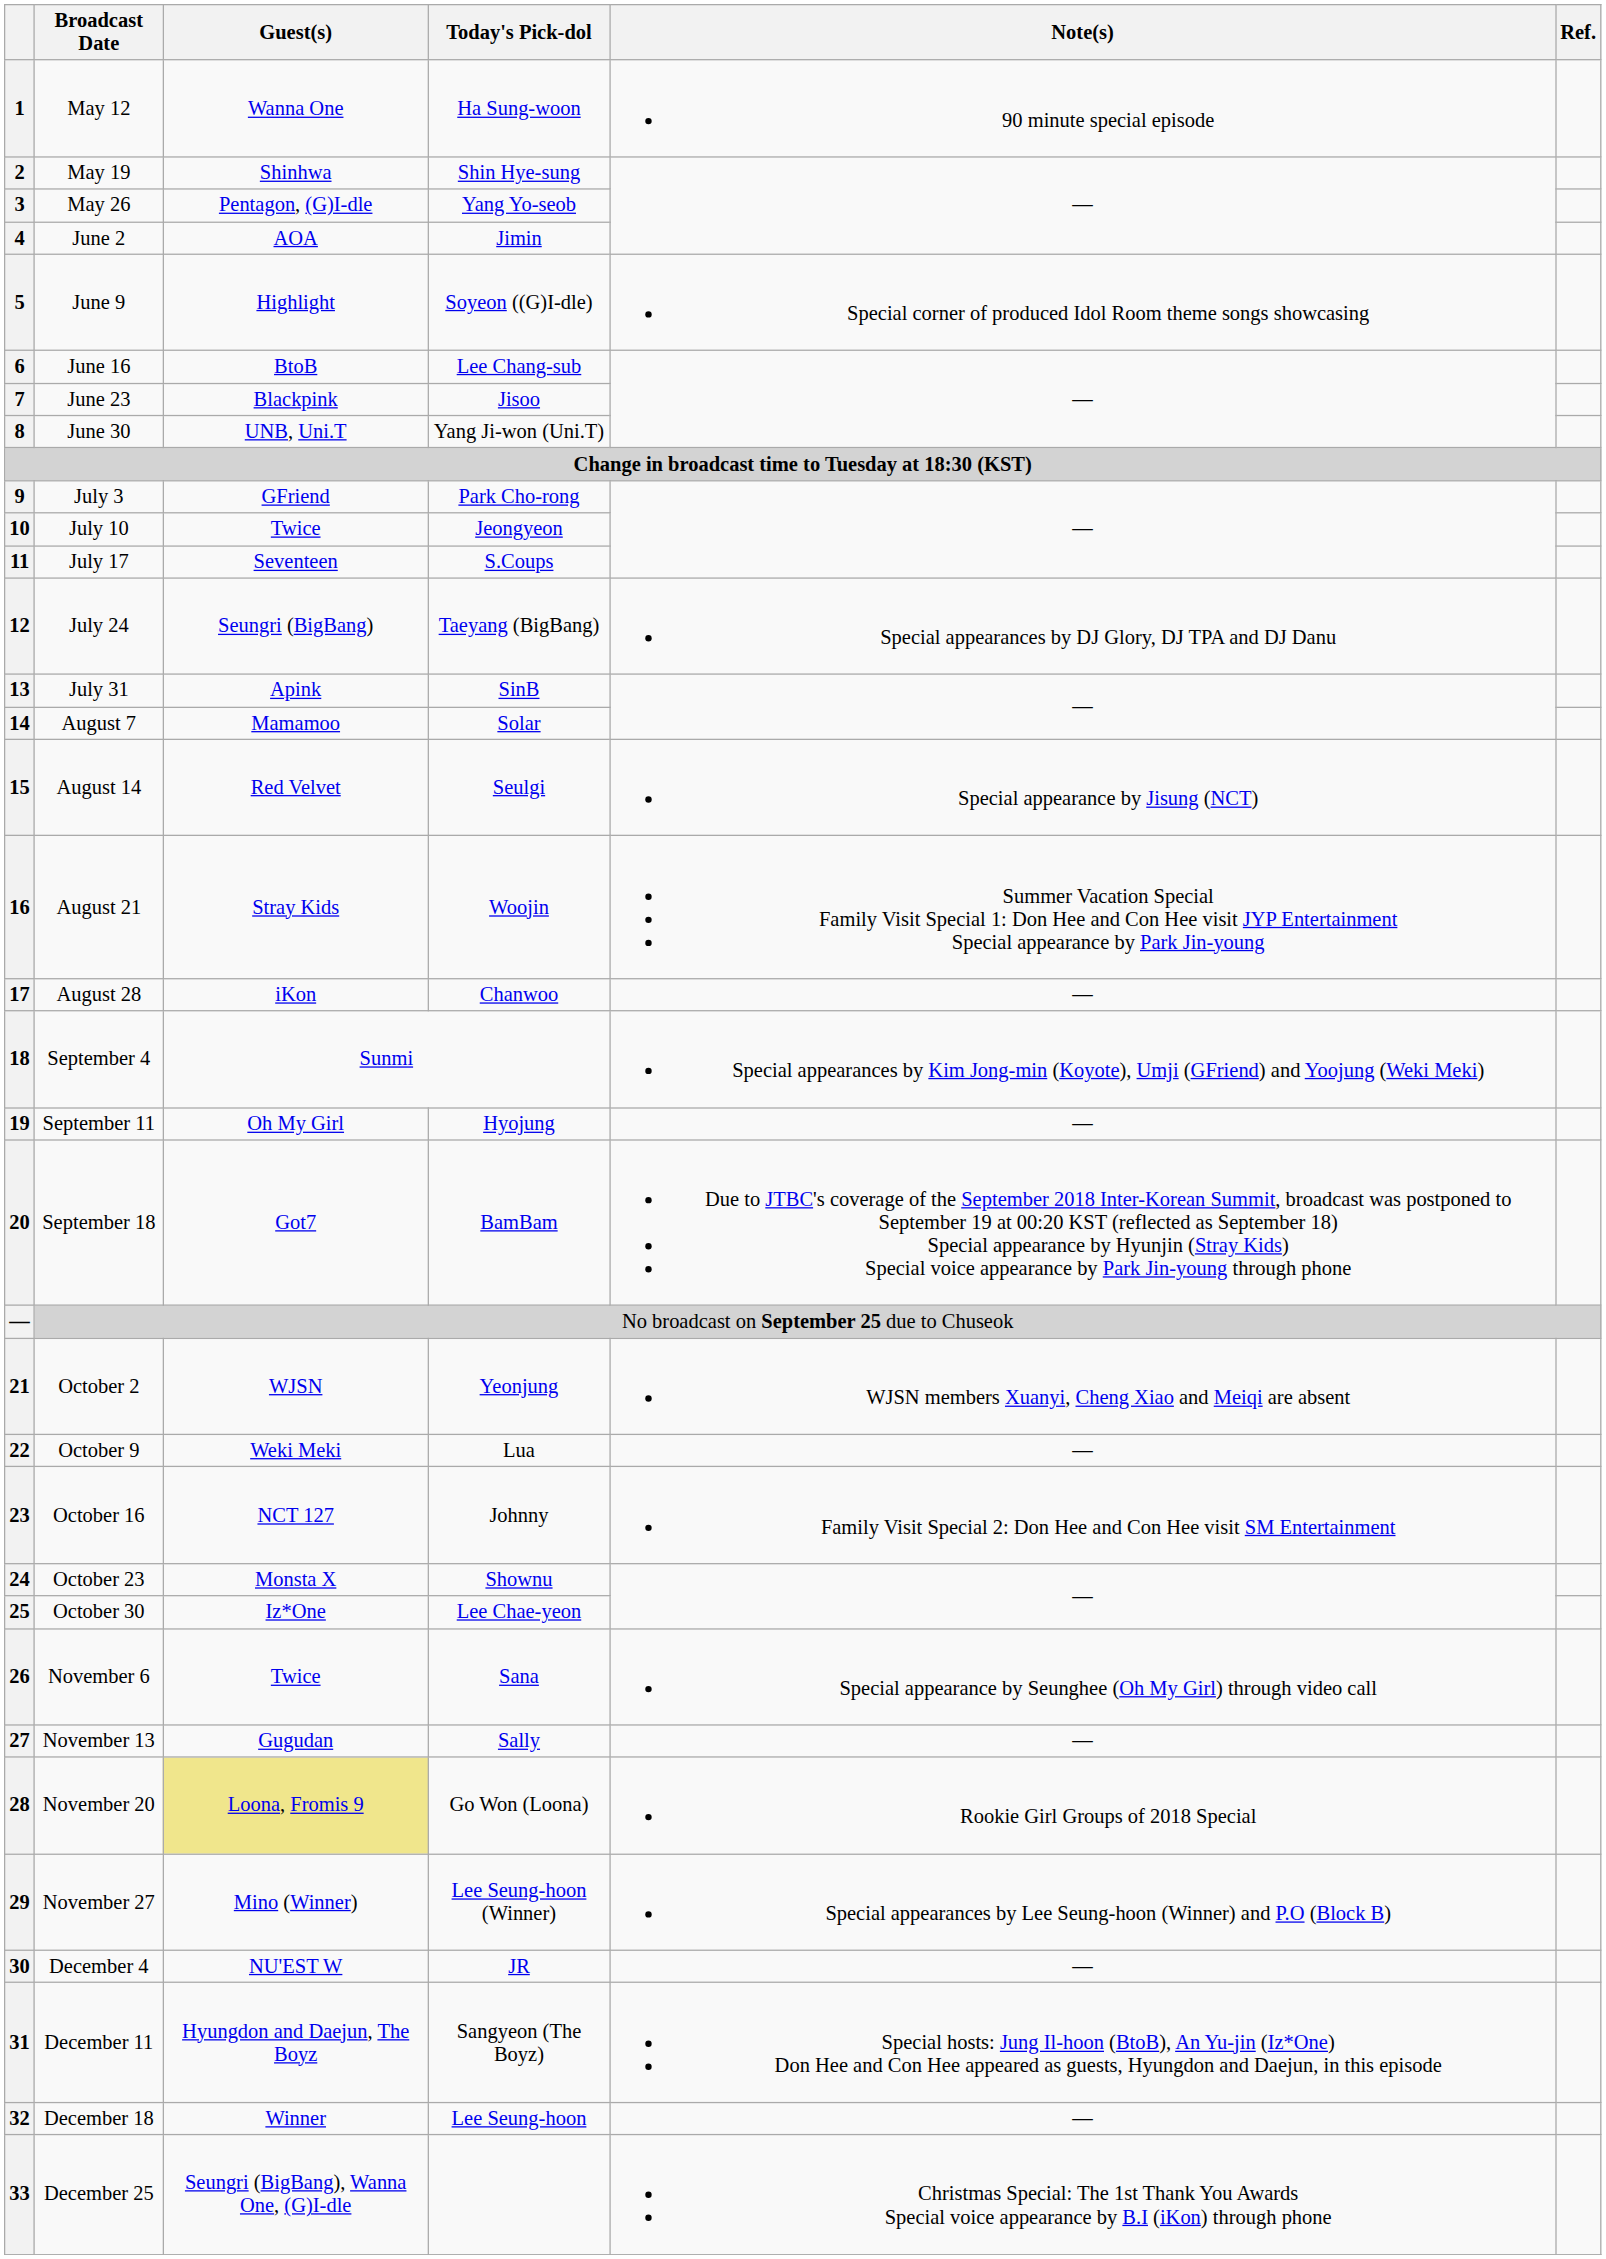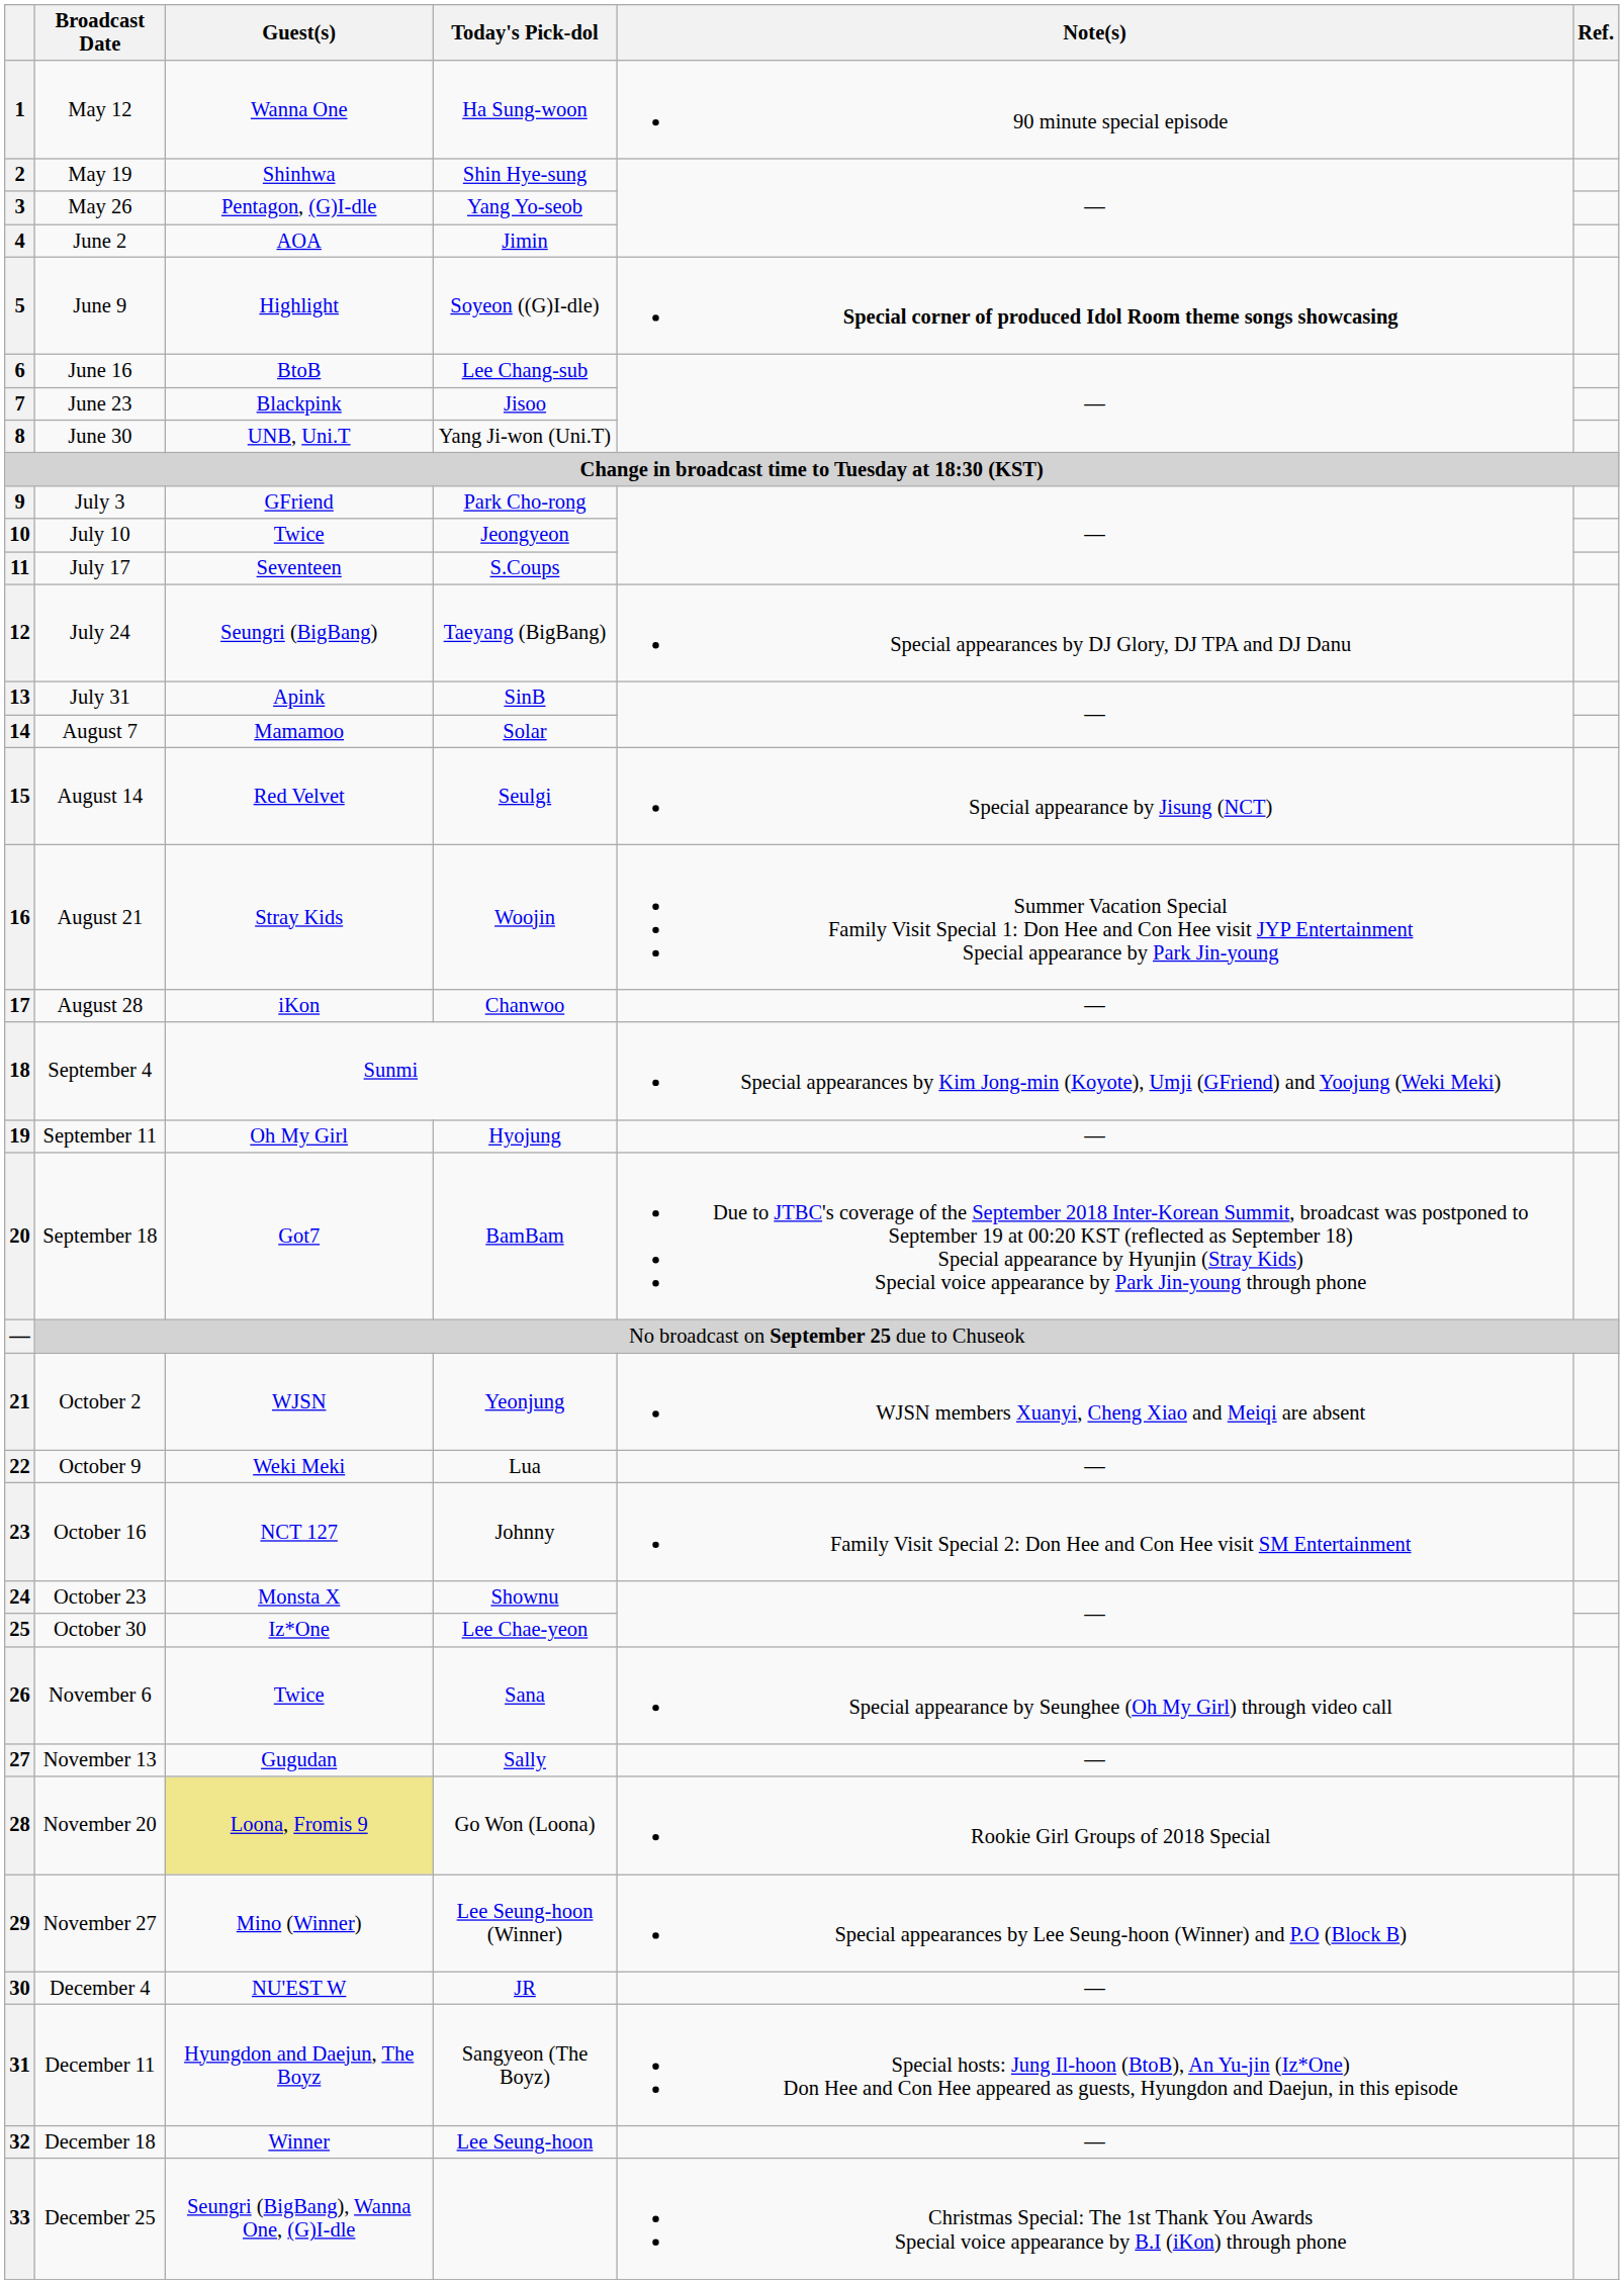 <table class="wikitable" style="text-align:center;">
 <tr>
 <th></th>
 <th>Broadcast Date</th>
 <th>Guest(s)</th>
 <th>Today's Pick-dol</th>
 <th>Note(s)</th>
 <th>Ref.</th>
 </tr>
 <tr>
 <th>1</th>
 <td>May 12</td>
 <td><a href='#'>Wanna One</a></td>
 <td><a href='#'>Ha Sung-woon</a></td>
 <td><br><ul><li>90 minute special episode</li></ul></td>
 <td></td>
 </tr>
 <tr>
 <th>2</th>
 <td>May 19</td>
 <td><a href='#'>Shinhwa</a></td>
 <td><a href='#'>Shin Hye-sung</a></td>
 <td rowspan="3">—</td>
 <td></td>
 </tr>
 <tr>
 <th>3</th>
 <td>May 26</td>
 <td><a href='#'>Pentagon</a>, <a href='#'>(G)I-dle</a></td>
 <td><a href='#'>Yang Yo-seob</a></td>
 <td></td>
 </tr>
 <tr>
 <th>4</th>
 <td>June 2</td>
 <td><a href='#'>AOA</a></td>
 <td><a href='#'>Jimin</a></td>
 <td></td>
 </tr>
 <tr>
 <th>5</th>
 <td>June 9</td>
 <td><a href='#'>Highlight</a></td>
 <td><a href='#'>Soyeon</a> ((G)I-dle)</td>
-<td><br><ul><li>Special corner of produced Idol Room theme songs showcasing</li></ul></td>
+<td><strong><br><ul><li>Special corner of produced Idol Room theme songs showcasing</li></ul></strong></td>
 <td></td>
 </tr>
 <tr>
 <th>6</th>
 <td>June 16</td>
 <td><a href='#'>BtoB</a></td>
 <td><a href='#'>Lee Chang-sub</a></td>
 <td rowspan="3">—</td>
 <td></td>
 </tr>
 <tr>
 <th>7</th>
 <td>June 23</td>
 <td><a href='#'>Blackpink</a></td>
 <td><a href='#'>Jisoo</a></td>
 <td></td>
 </tr>
 <tr>
 <th>8</th>
 <td>June 30</td>
 <td><a href='#'>UNB</a>, <a href='#'>Uni.T</a></td>
 <td>Yang Ji-won (Uni.T)</td>
 <td></td>
 </tr>
 <tr>
 <th colspan="6" style="text-align:center;background:Lightgray">Change in broadcast time to Tuesday at 18:30 (KST)</th>
 </tr>
 <tr>
 <th>9</th>
 <td>July 3</td>
 <td><a href='#'>GFriend</a></td>
 <td><a href='#'>Park Cho-rong</a></td>
 <td rowspan="3">—</td>
 <td></td>
 </tr>
 <tr>
 <th>10</th>
 <td>July 10</td>
 <td><a href='#'>Twice</a></td>
 <td><a href='#'>Jeongyeon</a></td>
 <td></td>
 </tr>
 <tr>
 <th>11</th>
 <td>July 17</td>
 <td><a href='#'>Seventeen</a></td>
 <td><a href='#'>S.Coups</a></td>
 <td></td>
 </tr>
 <tr>
 <th>12</th>
 <td>July 24</td>
 <td><a href='#'>Seungri</a> (<a href='#'>BigBang</a>)</td>
 <td><a href='#'>Taeyang</a> (BigBang)</td>
 <td><br><ul><li>Special appearances by DJ Glory, DJ TPA and DJ Danu</li></ul></td>
 <td></td>
 </tr>
 <tr>
 <th>13</th>
 <td>July 31</td>
 <td><a href='#'>Apink</a></td>
 <td><a href='#'>SinB</a></td>
 <td rowspan="2">—</td>
 <td></td>
 </tr>
 <tr>
 <th>14</th>
 <td>August 7</td>
 <td><a href='#'>Mamamoo</a></td>
 <td><a href='#'>Solar</a></td>
 <td></td>
 </tr>
 <tr>
 <th>15</th>
 <td>August 14</td>
 <td><a href='#'>Red Velvet</a></td>
 <td><a href='#'>Seulgi</a></td>
 <td><br><ul><li>Special appearance by <a href='#'>Jisung</a> (<a href='#'>NCT</a>)</li></ul></td>
 <td></td>
 </tr>
 <tr>
 <th>16</th>
 <td>August 21</td>
 <td><a href='#'>Stray Kids</a></td>
 <td><a href='#'>Woojin</a></td>
 <td><br><ul><li>Summer Vacation Special</li><li>Family Visit Special 1: Don Hee and Con Hee visit <a href='#'>JYP Entertainment</a></li><li>Special appearance by <a href='#'>Park Jin-young</a></li></ul></td>
 <td></td>
 </tr>
 <tr>
 <th>17</th>
 <td>August 28</td>
 <td><a href='#'>iKon</a></td>
 <td><a href='#'>Chanwoo</a></td>
 <td>—</td>
 <td></td>
 </tr>
 <tr>
 <th>18</th>
 <td>September 4</td>
 <td colspan="2"><a href='#'>Sunmi</a></td>
 <td><br><ul><li>Special appearances by <a href='#'>Kim Jong-min</a> (<a href='#'>Koyote</a>), <a href='#'>Umji</a> (<a href='#'>GFriend</a>) and <a href='#'>Yoojung</a> (<a href='#'>Weki Meki</a>)</li></ul></td>
 <td></td>
 </tr>
 <tr>
 <th>19</th>
 <td>September 11</td>
 <td><a href='#'>Oh My Girl</a></td>
 <td><a href='#'>Hyojung</a></td>
 <td>—</td>
 <td></td>
 </tr>
 <tr>
 <th>20</th>
 <td>September 18</td>
 <td><a href='#'>Got7</a></td>
 <td><a href='#'>BamBam</a></td>
 <td><br><ul><li>Due to <a href='#'>JTBC</a>'s coverage of the <a href='#'>September 2018 Inter-Korean Summit</a>, broadcast was postponed to September 19 at 00:20 KST (reflected as September 18)</li><li>Special appearance by Hyunjin (<a href='#'>Stray Kids</a>)</li><li>Special voice appearance by <a href='#'>Park Jin-young</a> through phone</li></ul></td>
 <td></td>
 </tr>
 <tr>
 <th><strong>—</strong></th>
 <td colspan="5" style="text-align:center;background:Lightgray">No broadcast on <strong>September 25</strong> due to Chuseok</td>
 </tr>
 <tr style="text-align:center;">
 <th>21</th>
 <td>October 2</td>
 <td><a href='#'>WJSN</a></td>
 <td><a href='#'>Yeonjung</a></td>
 <td><br><ul><li>WJSN members <a href='#'>Xuanyi</a>, <a href='#'>Cheng Xiao</a> and <a href='#'>Meiqi</a> are absent</li></ul></td>
 <td></td>
 </tr>
 <tr>
 <th>22</th>
 <td>October 9</td>
 <td><a href='#'>Weki Meki</a></td>
 <td>Lua</td>
 <td>—</td>
 <td></td>
 </tr>
 <tr>
 <th>23</th>
 <td>October 16</td>
 <td><a href='#'>NCT 127</a></td>
 <td>Johnny</td>
 <td><br><ul><li>Family Visit Special 2: Don Hee and Con Hee visit <a href='#'>SM Entertainment</a></li></ul></td>
 <td></td>
 </tr>
 <tr>
 <th>24</th>
 <td>October 23</td>
 <td><a href='#'>Monsta X</a></td>
 <td><a href='#'>Shownu</a></td>
 <td rowspan="2">—</td>
 <td></td>
 </tr>
 <tr>
 <th>25</th>
 <td>October 30</td>
 <td><a href='#'>Iz*One</a></td>
 <td><a href='#'>Lee Chae-yeon</a></td>
 <td></td>
 </tr>
 <tr>
 <th>26</th>
 <td>November 6</td>
 <td><a href='#'>Twice</a></td>
 <td><a href='#'>Sana</a></td>
 <td><br><ul><li>Special appearance by Seunghee (<a href='#'>Oh My Girl</a>) through video call</li></ul></td>
 <td></td>
 </tr>
 <tr>
 <th>27</th>
 <td>November 13</td>
 <td><a href='#'>Gugudan</a></td>
 <td><a href='#'>Sally</a></td>
 <td>—</td>
 <td></td>
 </tr>
 <tr>
 <th>28</th>
 <td>November 20</td>
 <td style="background: khaki;"><a href='#'>Loona</a>, <a href='#'>Fromis 9</a></td>
 <td>Go Won (Loona)</td>
 <td><br><ul><li>Rookie Girl Groups of 2018 Special</li></ul></td>
 <td></td>
 </tr>
 <tr>
 <th>29</th>
 <td>November 27</td>
 <td><a href='#'>Mino</a> (<a href='#'>Winner</a>)</td>
 <td><a href='#'>Lee Seung-hoon</a> (Winner)</td>
 <td><br><ul><li>Special appearances by Lee Seung-hoon (Winner) and <a href='#'>P.O</a> (<a href='#'>Block B</a>)</li></ul></td>
 <td></td>
 </tr>
 <tr>
 <th>30</th>
 <td>December 4</td>
 <td><a href='#'>NU'EST W</a></td>
 <td><a href='#'>JR</a></td>
 <td>—</td>
 <td></td>
 </tr>
 <tr>
 <th>31</th>
 <td>December 11</td>
 <td><a href='#'>Hyungdon and Daejun</a>, <a href='#'>The Boyz</a></td>
 <td>Sangyeon (The Boyz)</td>
 <td><br><ul><li>Special hosts: <a href='#'>Jung Il-hoon</a> (<a href='#'>BtoB</a>), <a href='#'>An Yu-jin</a> (<a href='#'>Iz*One</a>)</li><li>Don Hee and Con Hee appeared as guests, Hyungdon and Daejun, in this episode</li></ul></td>
 <td></td>
 </tr>
 <tr>
 <th>32</th>
 <td>December 18</td>
 <td><a href='#'>Winner</a></td>
 <td><a href='#'>Lee Seung-hoon</a></td>
 <td>—</td>
 <td></td>
 </tr>
 <tr>
 <th>33</th>
 <td>December 25</td>
 <td><a href='#'>Seungri</a> (<a href='#'>BigBang</a>), <a href='#'>Wanna One</a>, <a href='#'>(G)I-dle</a></td>
 <td></td>
 <td><br><ul><li>Christmas Special: The 1st Thank You Awards</li><li>Special voice appearance by <a href='#'>B.I</a> (<a href='#'>iKon</a>) through phone</li></ul></td>
 <td></td>
 </tr>
 <tr>
 </tr>
 </table>
